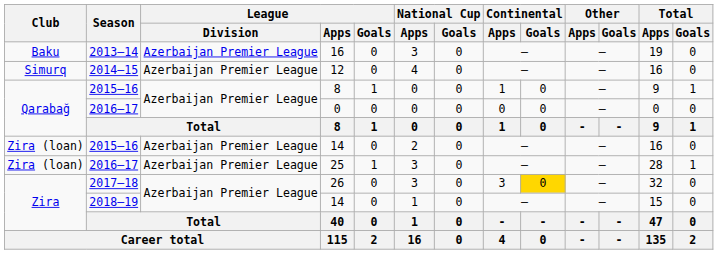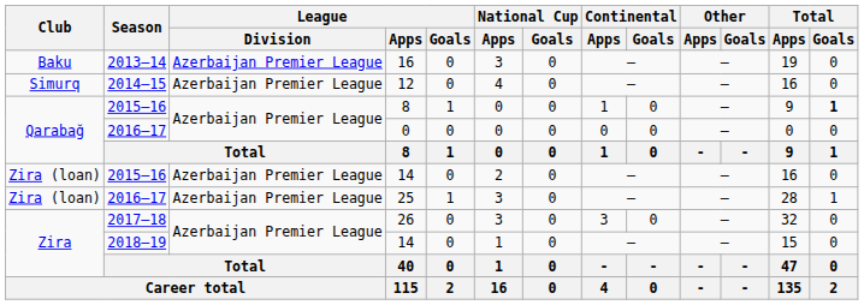 <table class="wikitable" style="text-align: center;">
 <tr>
 <th rowspan="2">Club</th>
 <th rowspan="2">Season</th>
 <th colspan="3">League</th>
 <th colspan="2">National Cup</th>
 <th colspan="2">Continental</th>
 <th colspan="2">Other</th>
 <th colspan="2">Total</th>
 </tr>
 <tr>
 <th>Division</th>
 <th>Apps</th>
 <th>Goals</th>
 <th>Apps</th>
 <th>Goals</th>
 <th>Apps</th>
 <th>Goals</th>
 <th>Apps</th>
 <th>Goals</th>
 <th>Apps</th>
 <th>Goals</th>
 </tr>
 <tr>
 <td valign="center"><a href='#'>Baku</a></td>
 <td><a href='#'>2013–14</a></td>
 <td><a href='#'>Azerbaijan Premier League</a></td>
 <td>16</td>
 <td>0</td>
 <td>3</td>
 <td>0</td>
 <td colspan="2">–</td>
 <td colspan="2">–</td>
 <td>19</td>
 <td>0</td>
 </tr>
 <tr>
 <td valign="center"><a href='#'>Simurq</a></td>
 <td><a href='#'>2014–15</a></td>
 <td>Azerbaijan Premier League</td>
 <td>12</td>
 <td>0</td>
 <td>4</td>
 <td>0</td>
 <td colspan="2">–</td>
 <td colspan="2">–</td>
 <td>16</td>
 <td>0</td>
 </tr>
 <tr>
 <td rowspan="3" valign="center"><a href='#'>Qarabağ</a></td>
 <td><a href='#'>2015–16</a></td>
 <td rowspan="2" valign="center">Azerbaijan Premier League</td>
 <td>8</td>
 <td>1</td>
 <td>0</td>
 <td>0</td>
 <td>1</td>
 <td>0</td>
 <td colspan="2">–</td>
 <td>9</td>
-<td>1</td>
+<td><strong>1</strong></td>
 </tr>
 <tr>
 <td><a href='#'>2016–17</a></td>
 <td>0</td>
 <td>0</td>
 <td>0</td>
 <td>0</td>
 <td>0</td>
 <td>0</td>
 <td colspan="2">–</td>
 <td>0</td>
 <td>0</td>
 </tr>
 <tr>
 <th colspan="2">Total</th>
 <th>8</th>
 <th>1</th>
 <th>0</th>
 <th>0</th>
 <th>1</th>
 <th>0</th>
 <th>-</th>
 <th>-</th>
 <th>9</th>
 <th>1</th>
 </tr>
 <tr>
 <td><a href='#'>Zira</a> (loan)</td>
 <td><a href='#'>2015–16</a></td>
 <td>Azerbaijan Premier League</td>
 <td>14</td>
 <td>0</td>
 <td>2</td>
 <td>0</td>
 <td colspan="2">–</td>
 <td colspan="2">–</td>
 <td>16</td>
 <td>0</td>
 </tr>
 <tr>
 <td><a href='#'>Zira</a> (loan)</td>
 <td><a href='#'>2016–17</a></td>
 <td>Azerbaijan Premier League</td>
 <td>25</td>
 <td>1</td>
 <td>3</td>
 <td>0</td>
 <td colspan="2">–</td>
 <td colspan="2">–</td>
 <td>28</td>
 <td>1</td>
 </tr>
 <tr>
 <td rowspan="3" valign="center"><a href='#'>Zira</a></td>
 <td><a href='#'>2017–18</a></td>
 <td rowspan="2" valign="center">Azerbaijan Premier League</td>
 <td>26</td>
 <td>0</td>
 <td>3</td>
 <td>0</td>
 <td>3</td>
-<td style="background: gold;">0</td>
+<td>0</td>
 <td colspan="2">–</td>
 <td>32</td>
 <td>0</td>
 </tr>
 <tr>
 <td><a href='#'>2018–19</a></td>
 <td>14</td>
 <td>0</td>
 <td>1</td>
 <td>0</td>
 <td colspan="2">–</td>
 <td colspan="2">–</td>
 <td>15</td>
 <td>0</td>
 </tr>
 <tr>
 <th colspan="2">Total</th>
 <th>40</th>
 <th>0</th>
 <th>1</th>
 <th>0</th>
 <th>-</th>
 <th>-</th>
 <th>-</th>
 <th>-</th>
 <th>47</th>
 <th>0</th>
 </tr>
 <tr>
 <th colspan="3">Career total</th>
 <th>115</th>
 <th>2</th>
 <th>16</th>
 <th>0</th>
 <th>4</th>
 <th>0</th>
 <th>-</th>
 <th>-</th>
 <th>135</th>
 <th>2</th>
 </tr>
 </table>
